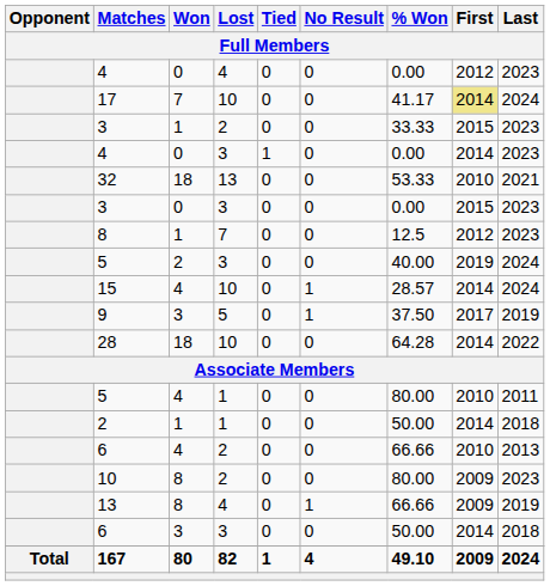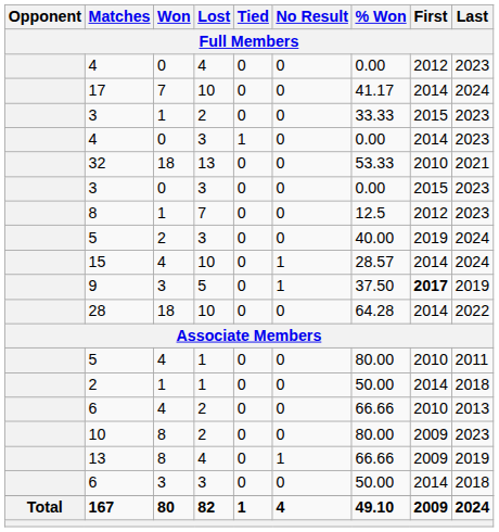 <table class="wikitable plainrowheaders sortable">
 <tr>
 <th scope="col">Opponent</th>
 <th scope="col"><a href='#'>Matches</a></th>
 <th scope="col"><a href='#'>Won</a></th>
 <th scope="col"><a href='#'>Lost</a></th>
 <th scope="col"><a href='#'>Tied</a></th>
 <th scope="col"><a href='#'>No Result</a></th>
 <th scope="col"><a href='#'>% Won</a></th>
 <th scope="col">First</th>
 <th scope="col">Last</th>
 </tr>
 <tr>
 <th style="text-align: center;" colspan="9"><strong><a href='#'>Full Members</a></strong></th>
 </tr>
 <tr>
 <th scope="row"></th>
 <td>4</td>
 <td>0</td>
 <td>4</td>
 <td>0</td>
 <td>0</td>
 <td>0.00</td>
 <td>2012</td>
 <td>2023</td>
 </tr>
 <tr>
 <th scope="row"></th>
 <td>17</td>
 <td>7</td>
 <td>10</td>
 <td>0</td>
 <td>0</td>
 <td>41.17</td>
-<td style="background: khaki;">2014</td>
+<td>2014</td>
 <td>2024</td>
 </tr>
 <tr>
 <th scope="row"></th>
 <td>3</td>
 <td>1</td>
 <td>2</td>
 <td>0</td>
 <td>0</td>
 <td>33.33</td>
 <td>2015</td>
 <td>2023</td>
 </tr>
 <tr>
 <th scope="row"></th>
 <td>4</td>
 <td>0</td>
 <td>3</td>
 <td>1</td>
 <td>0</td>
 <td>0.00</td>
 <td>2014</td>
 <td>2023</td>
 </tr>
 <tr>
 <th scope="row"></th>
 <td>32</td>
 <td>18</td>
 <td>13</td>
 <td>0</td>
 <td>0</td>
 <td>53.33</td>
 <td>2010</td>
 <td>2021</td>
 </tr>
 <tr>
 <th scope="row"></th>
 <td>3</td>
 <td>0</td>
 <td>3</td>
 <td>0</td>
 <td>0</td>
 <td>0.00</td>
 <td>2015</td>
 <td>2023</td>
 </tr>
 <tr>
 <th scope="row"></th>
 <td>8</td>
 <td>1</td>
 <td>7</td>
 <td>0</td>
 <td>0</td>
 <td>12.5</td>
 <td>2012</td>
 <td>2023</td>
 </tr>
 <tr>
 <th scope="row"></th>
 <td>5</td>
 <td>2</td>
 <td>3</td>
 <td>0</td>
 <td>0</td>
 <td>40.00</td>
 <td>2019</td>
 <td>2024</td>
 </tr>
 <tr>
 <th scope="row"></th>
 <td>15</td>
 <td>4</td>
 <td>10</td>
 <td>0</td>
 <td>1</td>
 <td>28.57</td>
 <td>2014</td>
 <td>2024</td>
 </tr>
 <tr>
 <th scope="row"></th>
 <td>9</td>
 <td>3</td>
 <td>5</td>
 <td>0</td>
 <td>1</td>
 <td>37.50</td>
-<td>2017</td>
+<td><strong>2017</strong></td>
 <td>2019</td>
 </tr>
 <tr>
 <th scope="row"></th>
 <td>28</td>
 <td>18</td>
 <td>10</td>
 <td>0</td>
 <td>0</td>
 <td>64.28</td>
 <td>2014</td>
 <td>2022</td>
 </tr>
 <tr>
 <th colspan="10" style="text-align: center;"><strong><a href='#'>Associate Members</a></strong></th>
 </tr>
 <tr>
 <th scope="row"></th>
 <td>5</td>
 <td>4</td>
 <td>1</td>
 <td>0</td>
 <td>0</td>
 <td>80.00</td>
 <td>2010</td>
 <td>2011</td>
 </tr>
 <tr>
 <th scope="row"></th>
 <td>2</td>
 <td>1</td>
 <td>1</td>
 <td>0</td>
 <td>0</td>
 <td>50.00</td>
 <td>2014</td>
 <td>2018</td>
 </tr>
 <tr>
 <th scope="row"></th>
 <td>6</td>
 <td>4</td>
 <td>2</td>
 <td>0</td>
 <td>0</td>
 <td>66.66</td>
 <td>2010</td>
 <td>2013</td>
 </tr>
 <tr>
 <th scope="row"></th>
 <td>10</td>
 <td>8</td>
 <td>2</td>
 <td>0</td>
 <td>0</td>
 <td>80.00</td>
 <td>2009</td>
 <td>2023</td>
 </tr>
 <tr>
 <th scope="row"></th>
 <td>13</td>
 <td>8</td>
 <td>4</td>
 <td>0</td>
 <td>1</td>
 <td>66.66</td>
 <td>2009</td>
 <td>2019</td>
 </tr>
 <tr>
 <th scope="row"></th>
 <td>6</td>
 <td>3</td>
 <td>3</td>
 <td>0</td>
 <td>0</td>
 <td>50.00</td>
 <td>2014</td>
 <td>2018</td>
 </tr>
 <tr>
 </tr>
 <tr class="sortbottom">
 <th scope="row" style="text-align:center"><strong>Total</strong></th>
 <td><strong>167</strong></td>
 <td><strong>80</strong></td>
 <td><strong>82</strong></td>
 <td><strong>1</strong></td>
 <td><strong>4</strong></td>
 <td><strong>49.10</strong></td>
 <td><strong>2009</strong></td>
 <td><strong>2024</strong></td>
 </tr>
 <tr>
 <th colspan=10></th>
 </tr>
 </table>
